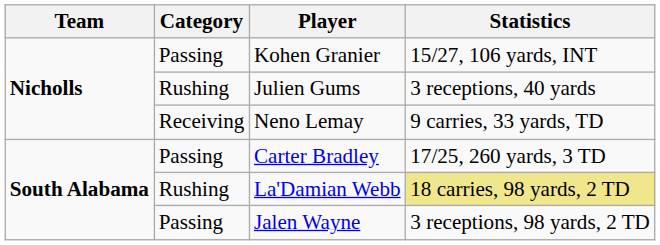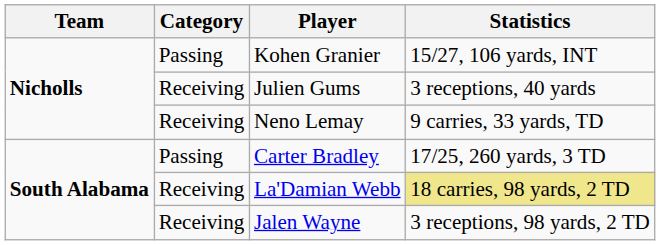 <table class="wikitable" style="float: right;">
 <tr>
 <th>Team</th>
 <th>Category</th>
 <th>Player</th>
 <th>Statistics</th>
 </tr>
 <tr>
 <td rowspan=3><strong>Nicholls</strong></td>
 <td>Passing</td>
 <td>Kohen Granier</td>
 <td>15/27, 106 yards, INT</td>
 </tr>
 <tr>
-<td>Rushing</td>
+<td>Receiving</td>
 <td>Julien Gums</td>
 <td>3 receptions, 40 yards</td>
 </tr>
 <tr>
 <td>Receiving</td>
 <td>Neno Lemay</td>
 <td>9 carries, 33 yards, TD</td>
 </tr>
 <tr>
 <td rowspan=3><strong>South Alabama</strong></td>
 <td>Passing</td>
 <td><a href='#'>Carter Bradley</a></td>
 <td>17/25, 260 yards, 3 TD</td>
 </tr>
 <tr>
-<td>Rushing</td>
+<td>Receiving</td>
 <td><a href='#'>La'Damian Webb</a></td>
 <td style="background: khaki;">18 carries, 98 yards, 2 TD</td>
 </tr>
 <tr>
-<td>Passing</td>
+<td>Receiving</td>
 <td><a href='#'>Jalen Wayne</a></td>
 <td>3 receptions, 98 yards, 2 TD</td>
 </tr>
 </table>
